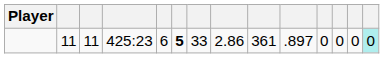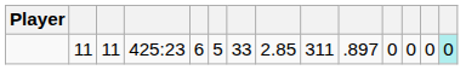 <table class="wikitable sortable" style="text-align:center;">
 <tr>
 <th>Player</th>
 <th></th>
 <th></th>
 <th></th>
 <th></th>
 <th></th>
 <th></th>
 <th></th>
 <th></th>
 <th></th>
 <th></th>
 <th></th>
 <th></th>
 <th></th>
 </tr>
 <tr>
 <td></td>
 <td>11</td>
 <td>11</td>
 <td>425:23</td>
 <td>6</td>
-<td><strong>5</strong></td>
+<td>5</td>
 <td>33</td>
-<td>2.86</td>
-<td>361</td>
+<td>2.85</td>
+<td>311</td>
 <td>.897</td>
 <td>0</td>
 <td>0</td>
 <td>0</td>
 <td style="background: paleturquoise;">0</td>
 </tr>
 </table>
